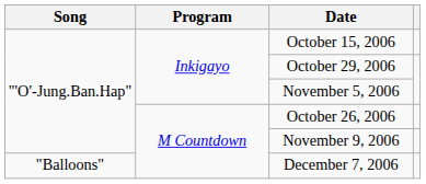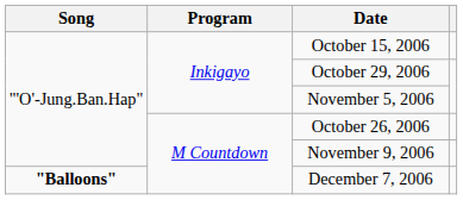 <table class="wikitable plainrowheaders" style="text-align:center">
 <tr>
 <th>Song</th>
 <th width="130">Program</th>
 <th width="140">Date</th>
 <th></th>
 </tr>
 <tr>
 <td rowspan="5">"'O'-Jung.Ban.Hap"</td>
 <td rowspan="3"><em><a href='#'>Inkigayo</a></em></td>
 <td>October 15, 2006</td>
 <td></td>
 </tr>
 <tr>
 <td>October 29, 2006</td>
 <td rowspan="2"></td>
 </tr>
 <tr>
 <td>November 5, 2006</td>
 </tr>
 <tr>
 <td rowspan="3"><em><a href='#'>M Countdown</a></em></td>
 <td>October 26, 2006</td>
 <td></td>
 </tr>
 <tr>
 <td>November 9, 2006</td>
 <td></td>
 </tr>
 <tr>
-<td>"Balloons"</td>
+<td><strong>"Balloons"</strong></td>
 <td>December 7, 2006</td>
 <td></td>
 </tr>
 </table>
